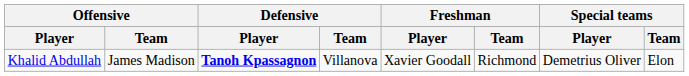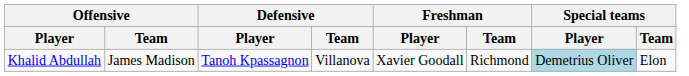 <table class="wikitable" border="1">
 <tr>
 <th colspan="2">Offensive</th>
 <th colspan="2">Defensive</th>
 <th colspan="2">Freshman</th>
 <th colspan="2">Special teams</th>
 </tr>
 <tr>
 <th>Player</th>
 <th>Team</th>
 <th>Player</th>
 <th>Team</th>
 <th>Player</th>
 <th>Team</th>
 <th>Player</th>
 <th>Team</th>
 </tr>
 <tr>
 <td><a href='#'>Khalid Abdullah</a></td>
 <td>James Madison</td>
-<td><strong><a href='#'>Tanoh Kpassagnon</a></strong></td>
+<td><a href='#'>Tanoh Kpassagnon</a></td>
 <td>Villanova</td>
 <td>Xavier Goodall</td>
 <td>Richmond</td>
-<td>Demetrius Oliver</td>
+<td style="background: lightblue;">Demetrius Oliver</td>
 <td>Elon</td>
 </tr>
 </table>
